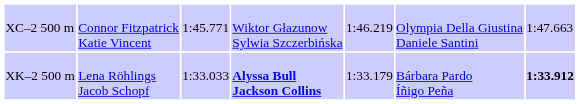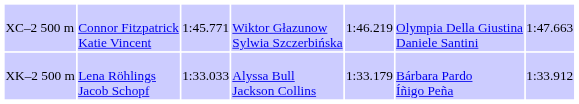 <table>
 <tr bgcolor=ccccff>
 <td>XC–2 500 m<br></td>
 <td><br><a href='#'>Connor Fitzpatrick</a><br><a href='#'>Katie Vincent</a></td>
 <td>1:45.771</td>
 <td><br><a href='#'>Wiktor Głazunow</a><br><a href='#'>Sylwia Szczerbińska</a></td>
 <td>1:46.219</td>
 <td><br><a href='#'>Olympia Della Giustina</a><br><a href='#'>Daniele Santini</a></td>
 <td>1:47.663</td>
 </tr>
 <tr bgcolor=ccccff>
 <td>XK–2 500 m<br></td>
 <td><br><a href='#'>Lena Röhlings</a><br><a href='#'>Jacob Schopf</a></td>
 <td>1:33.033</td>
-<td><strong><br><a href='#'>Alyssa Bull</a><br><a href='#'>Jackson Collins</a></strong></td>
+<td><br><a href='#'>Alyssa Bull</a><br><a href='#'>Jackson Collins</a></td>
 <td>1:33.179</td>
 <td><br><a href='#'>Bárbara Pardo</a><br><a href='#'>Íñigo Peña</a></td>
-<td><strong>1:33.912</strong></td>
+<td>1:33.912</td>
 </tr>
 </table>
